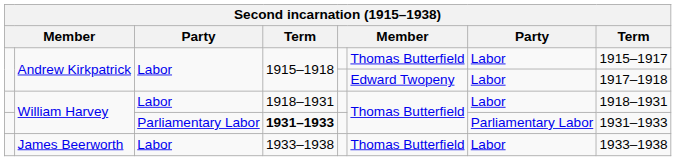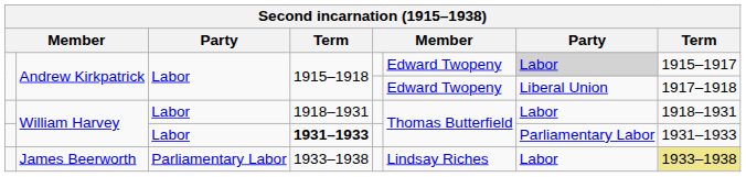 <table class="wikitable">
 <tr>
 <th colspan = 8>Second incarnation (1915–1938)</th>
 </tr>
 <tr>
 <th colspan=2>Member</th>
 <th>Party</th>
 <th>Term</th>
 <th colspan=2>Member</th>
 <th>Party</th>
 <th>Term</th>
 </tr>
 <tr>
 <td rowspan=2 > </td>
 <td rowspan=2><a href='#'>Andrew Kirkpatrick</a></td>
 <td rowspan=2><a href='#'>Labor</a></td>
 <td rowspan=2>1915–1918</td>
 <td> </td>
-<td><a href='#'>Thomas Butterfield</a></td>
-<td><a href='#'>Labor</a></td>
+<td><a href='#'>Edward Twopeny</a></td>
+<td style="background: lightgrey;"><a href='#'>Labor</a></td>
 <td>1915–1917</td>
 </tr>
 <tr>
 <td> </td>
 <td><a href='#'>Edward Twopeny</a></td>
-<td><a href='#'>Labor</a></td>
+<td><a href='#'>Liberal Union</a></td>
 <td>1917–1918</td>
 </tr>
 <tr>
 <td> </td>
 <td rowspan=2><a href='#'>William Harvey</a></td>
 <td><a href='#'>Labor</a></td>
 <td>1918–1931</td>
 <td> </td>
 <td rowspan=2><a href='#'>Thomas Butterfield</a></td>
 <td><a href='#'>Labor</a></td>
 <td>1918–1931</td>
 </tr>
 <tr>
 <td> </td>
-<td><a href='#'>Parliamentary Labor</a></td>
+<td><a href='#'>Labor</a></td>
 <td><strong>1931–1933</strong></td>
 <td> </td>
 <td><a href='#'>Parliamentary Labor</a></td>
 <td>1931–1933</td>
 </tr>
 <tr>
 <td> </td>
 <td><a href='#'>James Beerworth</a></td>
-<td><a href='#'>Labor</a></td>
+<td><a href='#'>Parliamentary Labor</a></td>
 <td>1933–1938</td>
 <td> </td>
-<td><a href='#'>Thomas Butterfield</a></td>
+<td><a href='#'>Lindsay Riches</a></td>
 <td><a href='#'>Labor</a></td>
-<td>1933–1938</td>
+<td style="background: khaki;">1933–1938</td>
 </tr>
 </table>
